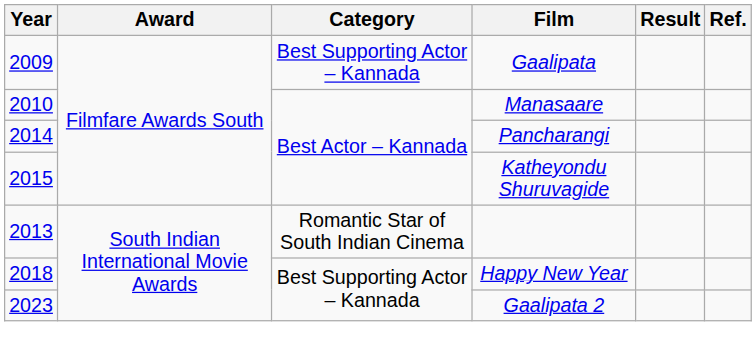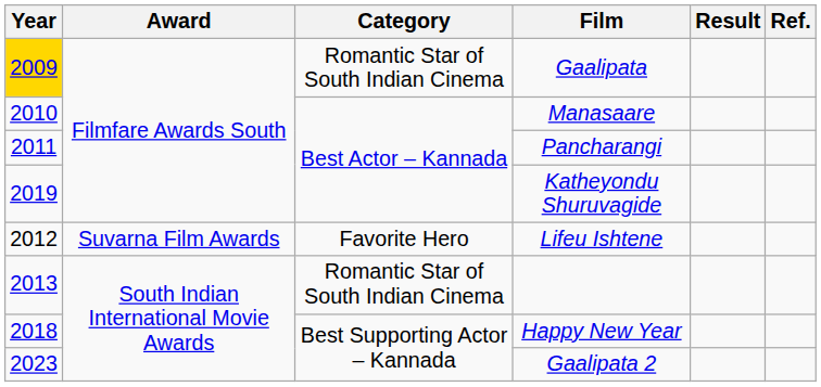 <table class="wikitable" style="text-align:center;">
 <tr>
 <th>Year</th>
 <th>Award</th>
 <th>Category</th>
 <th>Film</th>
 <th>Result</th>
 <th>Ref.</th>
 </tr>
 <tr>
-<td><a href='#'>2009</a></td>
+<td style="background: gold;"><a href='#'>2009</a></td>
 <td rowspan="4"><a href='#'>Filmfare Awards South</a></td>
-<td><a href='#'>Best Supporting Actor – Kannada</a></td>
+<td>Romantic Star of South Indian Cinema</td>
 <td><em><a href='#'>Gaalipata</a></em></td>
 <td></td>
 <td></td>
 </tr>
 <tr>
 <td><a href='#'>2010</a></td>
 <td rowspan="3"><a href='#'>Best Actor – Kannada</a></td>
 <td><em><a href='#'>Manasaare</a></em></td>
 <td></td>
 <td></td>
 </tr>
 <tr>
-<td><a href='#'>2014</a></td>
+<td><a href='#'>2011</a></td>
 <td><em><a href='#'>Pancharangi</a></em></td>
 <td></td>
 <td></td>
 </tr>
 <tr>
-<td><a href='#'>2015</a></td>
+<td><a href='#'>2019</a></td>
 <td><em><a href='#'>Katheyondu Shuruvagide</a></em></td>
+<td></td>
+<td></td>
+</tr>
+<tr>
+<td>2012</td>
+<td><a href='#'>Suvarna Film Awards</a></td>
+<td>Favorite Hero</td>
+<td><em><a href='#'>Lifeu Ishtene</a></em></td>
 <td></td>
 <td></td>
 </tr>
 <tr>
 <td><a href='#'>2013</a></td>
 <td rowspan="3"><a href='#'>South Indian International Movie Awards</a></td>
 <td>Romantic Star of South Indian Cinema</td>
 <td></td>
 <td></td>
 <td></td>
 </tr>
 <tr>
 <td><a href='#'>2018</a></td>
 <td rowspan="2">Best Supporting Actor – Kannada</td>
 <td><em><a href='#'>Happy New Year</a></em></td>
 <td></td>
 <td></td>
 </tr>
 <tr>
 <td><a href='#'>2023</a></td>
 <td><em><a href='#'>Gaalipata 2</a></em></td>
 <td></td>
 <td></td>
 </tr>
 </table>
